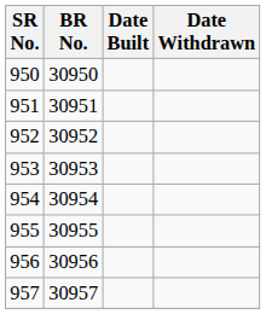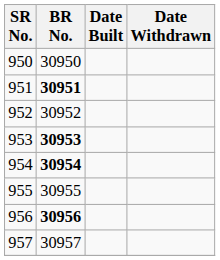 <table class="wikitable sortable collapsible collapsed" style=text-align:center>
 <tr>
 <th>SR<br>No.</th>
 <th>BR<br>No.</th>
 <th>Date<br>Built</th>
 <th>Date<br>Withdrawn</th>
 </tr>
 <tr>
 <td>950</td>
 <td>30950</td>
 <td></td>
 <td></td>
 </tr>
 <tr>
 <td>951</td>
-<td>30951</td>
+<td><strong>30951</strong></td>
 <td></td>
 <td></td>
 </tr>
 <tr>
 <td>952</td>
 <td>30952</td>
 <td></td>
 <td></td>
 </tr>
 <tr>
 <td>953</td>
-<td>30953</td>
+<td><strong>30953</strong></td>
 <td></td>
 <td></td>
 </tr>
 <tr>
 <td>954</td>
-<td>30954</td>
+<td><strong>30954</strong></td>
 <td></td>
 <td></td>
 </tr>
 <tr>
 <td>955</td>
 <td>30955</td>
 <td></td>
 <td></td>
 </tr>
 <tr>
 <td>956</td>
-<td>30956</td>
+<td><strong>30956</strong></td>
 <td></td>
 <td></td>
 </tr>
 <tr>
 <td>957</td>
 <td>30957</td>
 <td></td>
 <td></td>
 </tr>
 <tr>
 </tr>
 </table>
